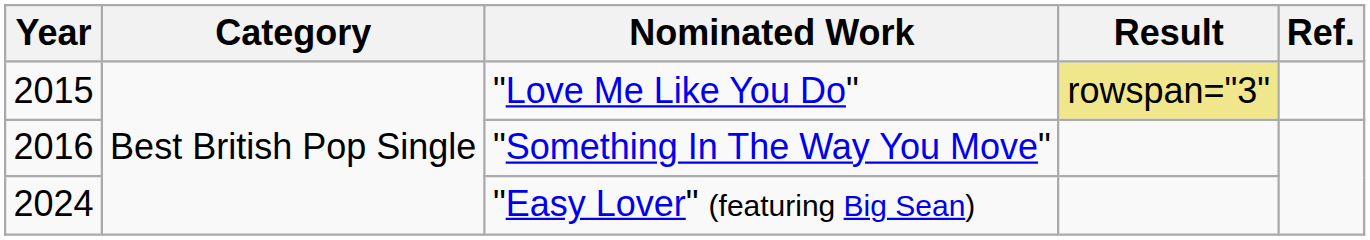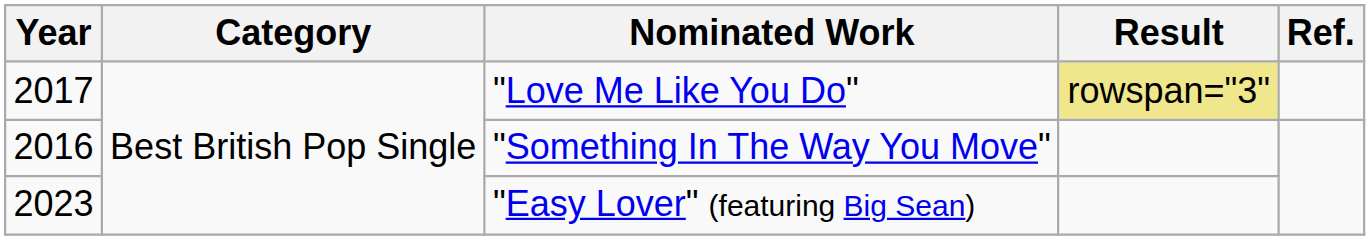 <table class="wikitable">
 <tr>
 <th>Year</th>
 <th>Category</th>
 <th>Nominated Work</th>
 <th>Result</th>
 <th>Ref.</th>
 </tr>
 <tr>
-<td>2015</td>
+<td>2017</td>
 <td rowspan="3">Best British Pop Single</td>
 <td>"<a href='#'>Love Me Like You Do</a>"</td>
 <td style="background: khaki;">rowspan="3" </td>
 <td></td>
 </tr>
 <tr>
 <td>2016</td>
 <td>"<a href='#'>Something In The Way You Move</a>"</td>
 <td></td>
 </tr>
 <tr>
-<td>2024</td>
+<td>2023</td>
 <td>"<a href='#'>Easy Lover</a>" <small>(featuring <a href='#'>Big Sean</a>)</small></td>
 <td></td>
 </tr>
 </table>
